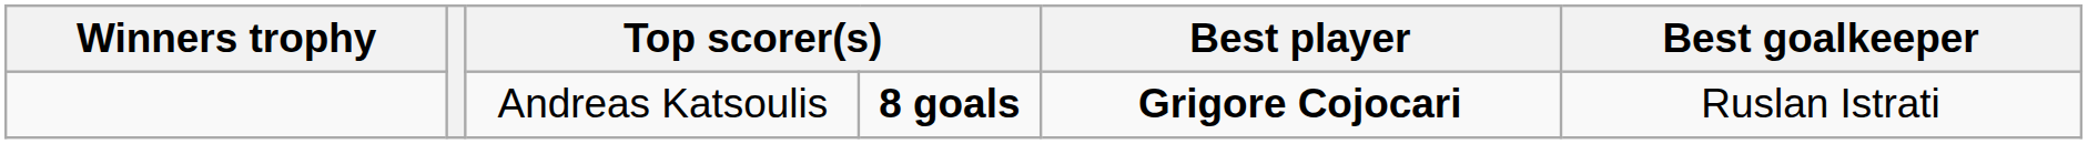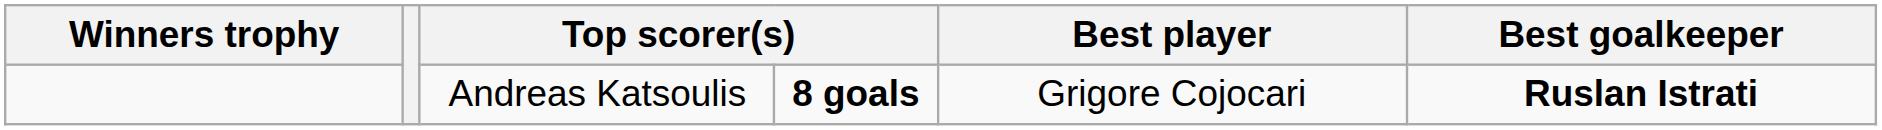 <table class="wikitable" style="text-align: center; font-size: 97%;">
 <tr>
 <th width=160>Winners trophy</th>
 <th rowspan=2></th>
 <th colspan=2 width=210>Top scorer(s)</th>
 <th width=190>Best player</th>
 <th width=190>Best goalkeeper</th>
 </tr>
 <tr align=center style="background:">
 <td style="text-align:center;"></td>
 <td> Andreas Katsoulis</td>
 <td><strong>8 goals</strong></td>
-<td><strong> Grigore Cojocari</strong></td>
-<td> Ruslan Istrati</td>
+<td> Grigore Cojocari</td>
+<td><strong> Ruslan Istrati</strong></td>
 </tr>
 </table>
